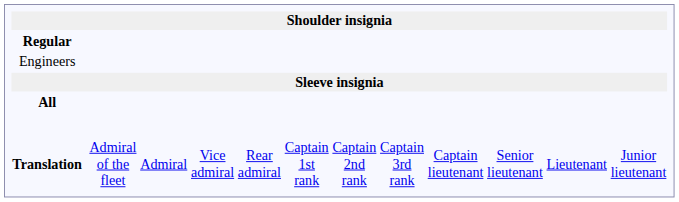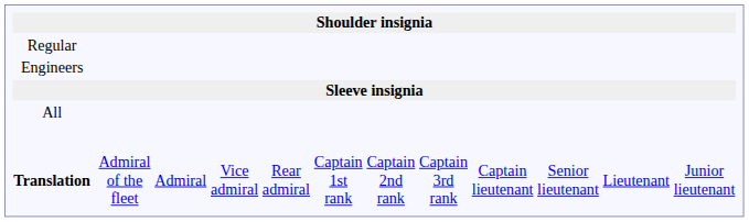 <table style="border:1px solid #8888aa; background-color:#f7f8ff; padding:5px; font-size:95%; margin: 0px 12px 12px 0px;">
 <tr style="background:#efefef;">
 <th colspan=25>Shoulder insignia</th>
 </tr>
 <tr style="text-align:center;">
-<td><strong>Regular</strong></td>
+<td>Regular</td>
 <td colspan=2 rowspan=2></td>
 <td colspan=1 rowspan=2><br></td>
 <td colspan=1 rowspan=2><br></td>
 <td colspan=2></td>
 <td colspan=2></td>
 <td colspan=2></td>
 <td colspan=2></td>
 <td colspan=2></td>
 <td colspan=2></td>
 <td colspan=2></td>
 <td colspan=2></td>
 <td colspan=2></td>
 <td colspan=2></td>
 </tr>
 <tr style="text-align:center;">
 <td>Engineers</td>
 <td colspan=2></td>
 <td colspan=2></td>
 <td colspan=2></td>
 <td colspan=2></td>
 <td colspan=2></td>
 <td colspan=2></td>
 <td colspan=2></td>
 <td colspan=2></td>
 <td colspan=2></td>
 <td colspan=2></td>
 </tr>
 <tr style="background:#efefef;">
 <th colspan=25>Sleeve insignia</th>
 </tr>
 <tr style="text-align:center;">
-<td><strong>All</strong></td>
+<td>All</td>
 <td colspan=2 rowspan=2></td>
 <td colspan=2></td>
 <td colspan=2></td>
 <td colspan=2></td>
 <td colspan=2></td>
 <td colspan=2></td>
 <td colspan=2></td>
 <td colspan=2></td>
 <td colspan=2></td>
 <td colspan=2></td>
 <td colspan=2></td>
 <td colspan=2></td>
 </tr>
 <tr style="text-align:center;">
 <td></td>
 <td colspan=2><br></td>
 <td colspan=2><br></td>
 <td colspan=2><br></td>
 <td colspan=2><br></td>
 <td colspan=2><br></td>
 <td colspan=2><br></td>
 <td colspan=2><br></td>
 <td colspan=2><br></td>
 <td colspan=2><br></td>
 <td colspan=2><br></td>
 <td colspan=2><br></td>
 </tr>
 <tr style="text-align:center;">
 <td colspan=25></td>
 </tr>
 <tr style="text-align:center;">
 <th>Translation</th>
 <td colspan=2></td>
 <td colspan=2><a href='#'>Admiral of the fleet</a></td>
 <td colspan=2><a href='#'>Admiral</a></td>
 <td colspan=2><a href='#'>Vice admiral</a></td>
 <td colspan=2><a href='#'>Rear admiral</a></td>
 <td colspan=2><a href='#'>Captain 1st rank</a></td>
 <td colspan=2><a href='#'>Captain 2nd rank</a></td>
 <td colspan=2><a href='#'>Captain 3rd rank</a></td>
 <td colspan=2><a href='#'>Captain lieutenant</a></td>
 <td colspan=2><a href='#'>Senior lieutenant</a></td>
 <td colspan=2><a href='#'>Lieutenant</a></td>
 <td colspan=2><a href='#'>Junior lieutenant</a></td>
 </tr>
 </table>
